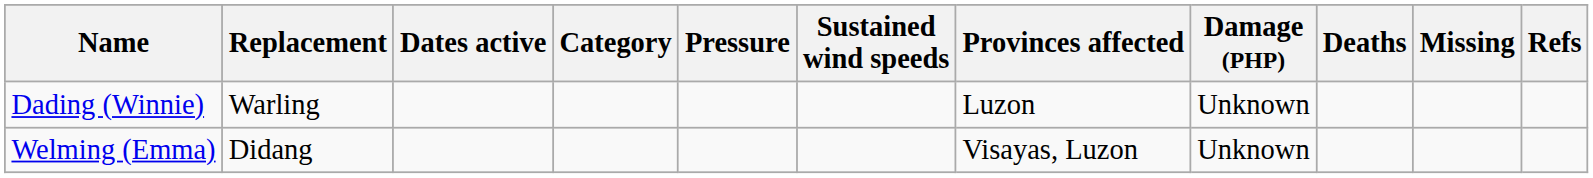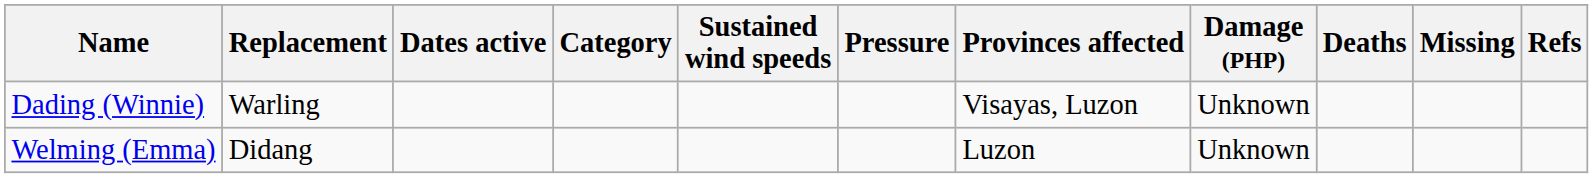 <table class="wikitable sortable">
 <tr>
 <th>Name</th>
 <th>Replacement</th>
 <th>Dates active</th>
 <th>Category</th>
+<th>Sustained <br>wind speeds</th>
 <th>Pressure</th>
-<th>Sustained <br>wind speeds</th>
 <th class="unsortable">Provinces affected</th>
 <th>Damage<br><small>(PHP)</small></th>
 <th>Deaths</th>
 <th>Missing</th>
 <th class="unsortable">Refs</th>
 </tr>
 <tr>
 <td><a href='#'>Dading (Winnie)</a></td>
 <td>Warling</td>
 <td></td>
 <td></td>
 <td></td>
 <td></td>
-<td>Luzon</td>
+<td>Visayas, Luzon</td>
 <td>Unknown</td>
 <td></td>
 <td></td>
 <td></td>
 </tr>
 <tr>
 <td><a href='#'>Welming (Emma)</a></td>
 <td>Didang</td>
 <td></td>
 <td></td>
 <td></td>
 <td></td>
-<td>Visayas, Luzon</td>
+<td>Luzon</td>
 <td>Unknown</td>
 <td></td>
 <td></td>
 <td></td>
 </tr>
 </table>
